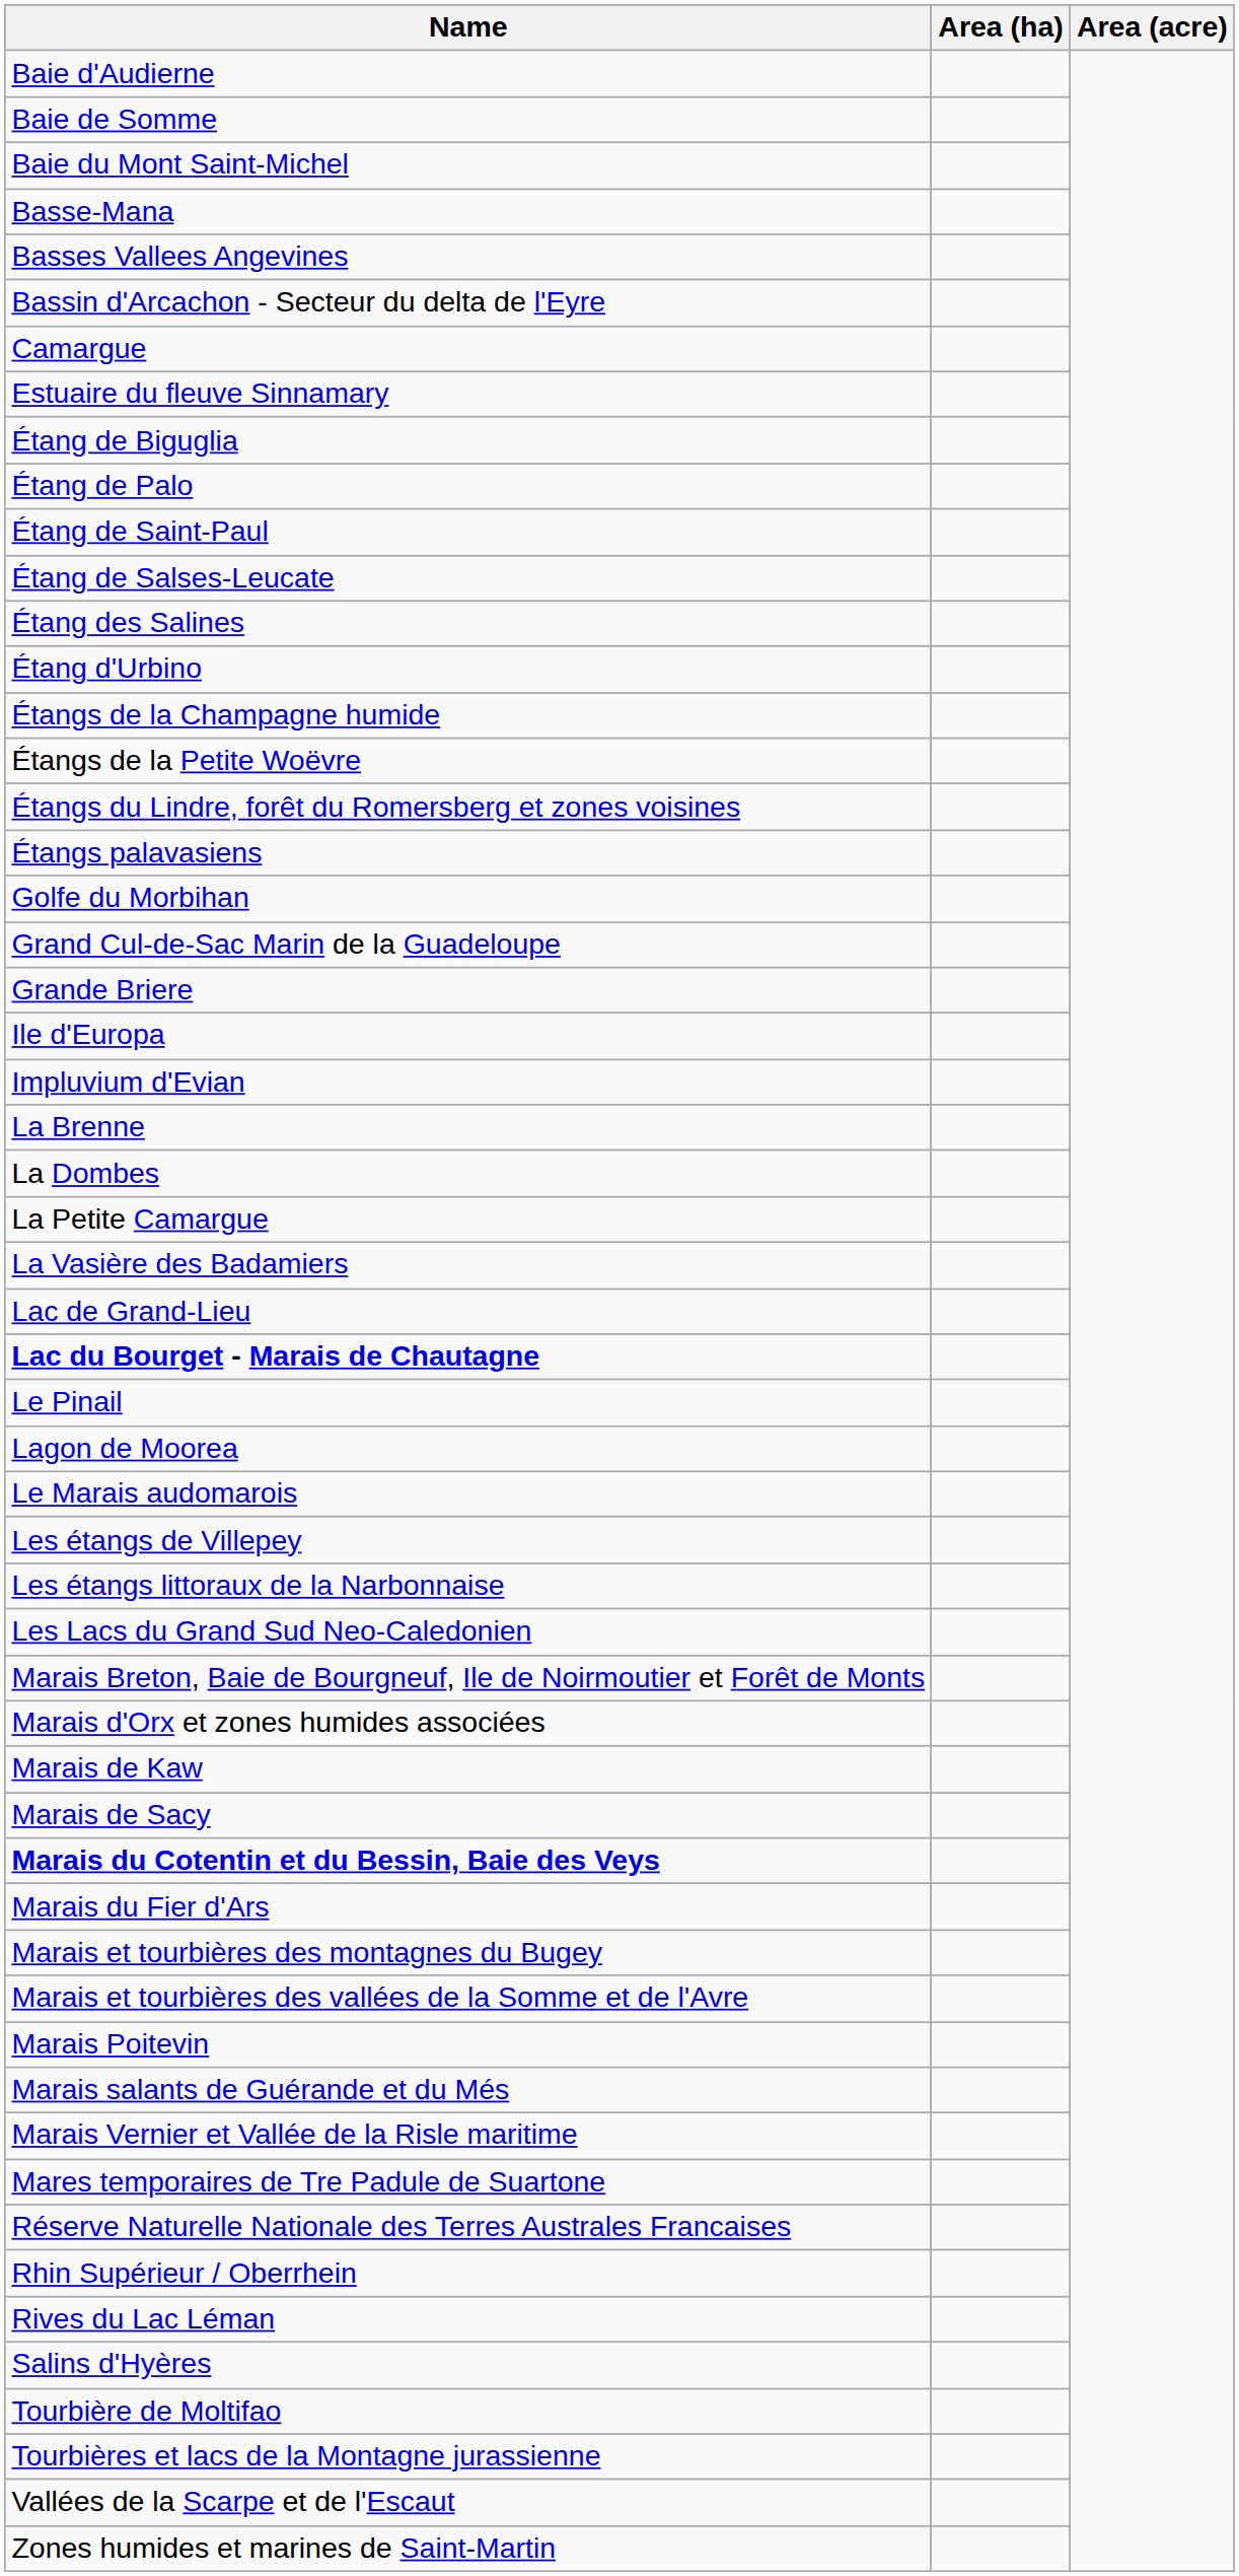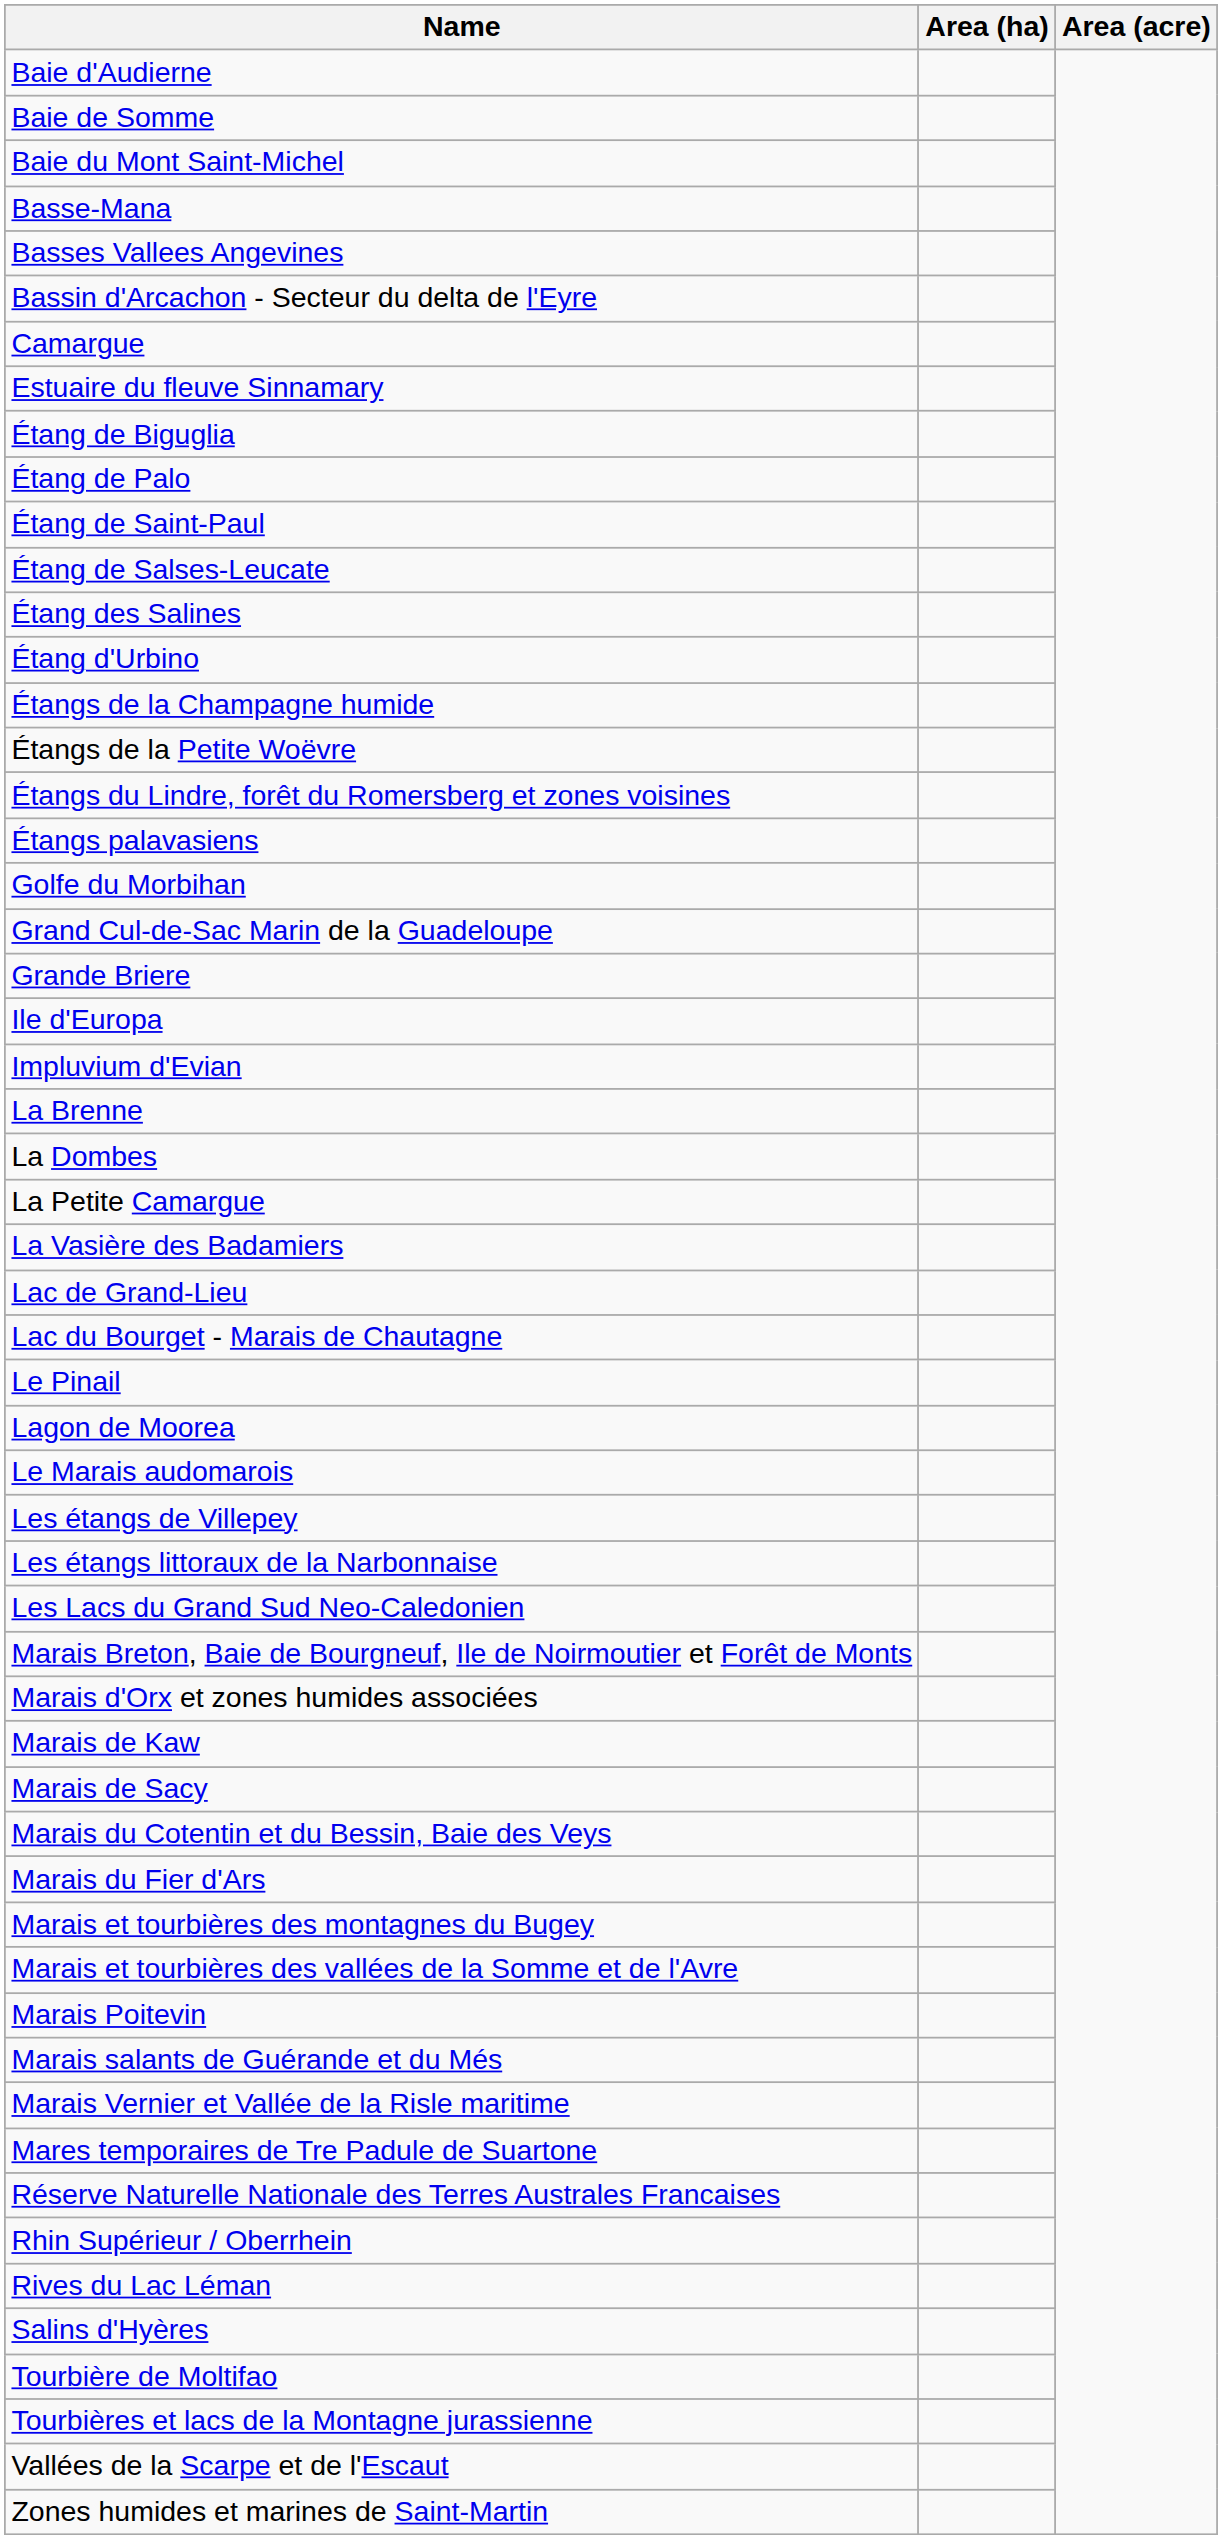 <table class="wikitable sortable">
 <tr>
 <th scope="col" align=left>Name</th>
 <th scope="col">Area (ha)</th>
 <th scope="col">Area (acre)</th>
 </tr>
 <tr ---->
 <td><a href='#'>Baie d'Audierne</a></td>
 <td></td>
 </tr>
 <tr ---->
 <td><a href='#'>Baie de Somme</a></td>
 <td></td>
 </tr>
 <tr ---->
 <td><a href='#'>Baie du Mont Saint-Michel</a></td>
 <td></td>
 </tr>
 <tr ---->
 <td><a href='#'>Basse-Mana</a></td>
 <td></td>
 </tr>
 <tr ---->
 <td><a href='#'>Basses Vallees Angevines</a></td>
 <td></td>
 </tr>
 <tr ---->
 <td><a href='#'>Bassin d'Arcachon</a> - Secteur du delta de <a href='#'>l'Eyre</a></td>
 <td></td>
 </tr>
 <tr ---->
 <td><a href='#'>Camargue</a></td>
 <td></td>
 </tr>
 <tr ---->
 <td><a href='#'>Estuaire du fleuve Sinnamary</a></td>
 <td></td>
 </tr>
 <tr ---->
 <td><a href='#'>Étang de Biguglia</a></td>
 <td></td>
 </tr>
 <tr ---->
 <td><a href='#'>Étang de Palo</a></td>
 <td></td>
 </tr>
 <tr ---->
 <td><a href='#'>Étang de Saint-Paul</a></td>
 <td></td>
 </tr>
 <tr ---->
 <td><a href='#'>Étang de Salses-Leucate</a></td>
 <td></td>
 </tr>
 <tr ---->
 <td><a href='#'>Étang des Salines</a></td>
 <td></td>
 </tr>
 <tr ---->
 <td><a href='#'>Étang d'Urbino</a></td>
 <td></td>
 </tr>
 <tr ---->
 <td><a href='#'>Étangs de la Champagne humide</a></td>
 <td></td>
 </tr>
 <tr ---->
 <td>Étangs de la <a href='#'>Petite Woëvre</a></td>
 <td></td>
 </tr>
 <tr ---->
 <td><a href='#'>Étangs du Lindre, forêt du Romersberg et zones voisines</a></td>
 <td></td>
 </tr>
 <tr ---->
 <td><a href='#'>Étangs palavasiens</a></td>
 <td></td>
 </tr>
 <tr ---->
 <td><a href='#'>Golfe du Morbihan</a></td>
 <td></td>
 </tr>
 <tr ---->
 <td><a href='#'>Grand Cul-de-Sac Marin</a> de la <a href='#'>Guadeloupe</a></td>
 <td></td>
 </tr>
 <tr ---->
 <td><a href='#'>Grande Briere</a></td>
 <td></td>
 </tr>
 <tr ---->
 <td><a href='#'>Ile d'Europa</a></td>
 <td></td>
 </tr>
 <tr ---->
 <td><a href='#'>Impluvium d'Evian</a></td>
 <td></td>
 </tr>
 <tr ---->
 <td><a href='#'>La Brenne</a></td>
 <td></td>
 </tr>
 <tr ---->
 <td>La <a href='#'>Dombes</a></td>
 <td></td>
 </tr>
 <tr ---->
 <td>La Petite <a href='#'>Camargue</a></td>
 <td></td>
 </tr>
 <tr ---->
 <td><a href='#'>La Vasière des Badamiers</a></td>
 <td></td>
 </tr>
 <tr ---->
 <td><a href='#'>Lac de Grand-Lieu</a></td>
 <td></td>
 </tr>
 <tr ---->
-<td><strong><a href='#'>Lac du Bourget</a> - <a href='#'>Marais de Chautagne</a></strong></td>
+<td><a href='#'>Lac du Bourget</a> - <a href='#'>Marais de Chautagne</a></td>
 <td></td>
 </tr>
 <tr ---->
 <td><a href='#'>Le Pinail</a></td>
 <td></td>
 </tr>
 <tr ---->
 <td><a href='#'>Lagon de Moorea</a></td>
 <td></td>
 </tr>
 <tr ---->
 <td><a href='#'>Le Marais audomarois</a></td>
 <td></td>
 </tr>
 <tr ---->
 <td><a href='#'>Les étangs de Villepey</a></td>
 <td></td>
 </tr>
 <tr ---->
 <td><a href='#'>Les étangs littoraux de la Narbonnaise</a></td>
 <td></td>
 </tr>
 <tr ---->
 <td><a href='#'>Les Lacs du Grand Sud Neo-Caledonien</a></td>
 <td></td>
 </tr>
 <tr ---->
 <td><a href='#'>Marais Breton</a>, <a href='#'>Baie de Bourgneuf</a>, <a href='#'>Ile de Noirmoutier</a> et <a href='#'>Forêt de Monts</a></td>
 <td></td>
 </tr>
 <tr ---->
 <td><a href='#'>Marais d'Orx</a> et zones humides associées</td>
 <td></td>
 </tr>
 <tr ---->
 <td><a href='#'>Marais de Kaw</a></td>
 <td></td>
 </tr>
 <tr ---->
 <td><a href='#'>Marais de Sacy</a></td>
 <td></td>
 </tr>
 <tr ---->
-<td><strong><a href='#'>Marais du Cotentin et du Bessin, Baie des Veys</a></strong></td>
+<td><a href='#'>Marais du Cotentin et du Bessin, Baie des Veys</a></td>
 <td></td>
 </tr>
 <tr ---->
 <td><a href='#'>Marais du Fier d'Ars</a></td>
 <td></td>
 </tr>
 <tr ---->
 <td><a href='#'>Marais et tourbières des montagnes du Bugey</a></td>
 <td></td>
 </tr>
 <tr ---->
 <td><a href='#'>Marais et tourbières des vallées de la Somme et de l'Avre</a></td>
 <td></td>
 </tr>
 <tr ---->
 <td><a href='#'>Marais Poitevin</a></td>
 <td></td>
 </tr>
 <tr ---->
 <td><a href='#'>Marais salants de Guérande et du Més</a></td>
 <td></td>
 </tr>
 <tr ---->
 <td><a href='#'>Marais Vernier et Vallée de la Risle maritime</a></td>
 <td></td>
 </tr>
 <tr ---->
 <td><a href='#'>Mares temporaires de Tre Padule de Suartone</a></td>
 <td></td>
 </tr>
 <tr ---->
 <td><a href='#'>Réserve Naturelle Nationale des Terres Australes Francaises</a></td>
 <td></td>
 </tr>
 <tr ---->
 <td><a href='#'>Rhin Supérieur / Oberrhein</a></td>
 <td></td>
 </tr>
 <tr ---->
 <td><a href='#'>Rives du Lac Léman</a></td>
 <td></td>
 </tr>
 <tr ---->
 <td><a href='#'>Salins d'Hyères</a></td>
 <td></td>
 </tr>
 <tr ---->
 <td><a href='#'>Tourbière de Moltifao</a></td>
 <td></td>
 </tr>
 <tr ---->
 <td><a href='#'>Tourbières et lacs de la Montagne jurassienne</a></td>
 <td></td>
 </tr>
 <tr ---->
 <td>Vallées de la <a href='#'>Scarpe</a> et de l'<a href='#'>Escaut</a></td>
 <td></td>
 </tr>
 <tr ---->
 <td>Zones humides et marines de <a href='#'>Saint-Martin</a></td>
 <td></td>
 </tr>
 </table>
